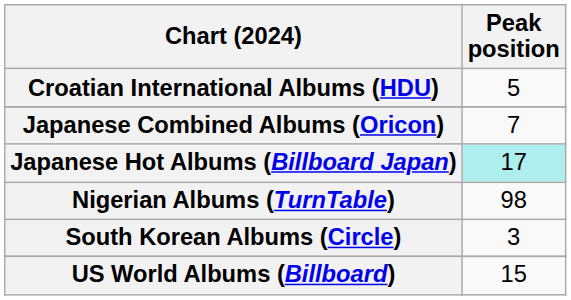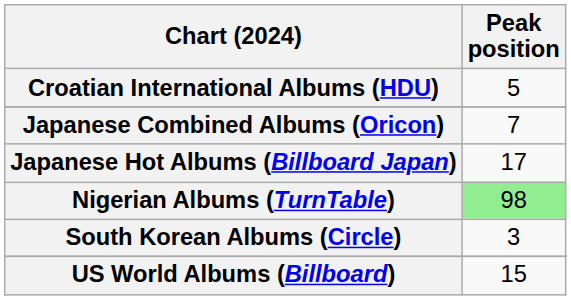 <table class="wikitable sortable plainrowheaders" style="text-align:center">
 <tr>
 <th scope="col">Chart (2024)</th>
 <th scope="col">Peak<br>position</th>
 </tr>
 <tr>
 <th scope="row">Croatian International Albums (<a href='#'>HDU</a>)</th>
 <td>5</td>
 </tr>
 <tr>
 </tr>
 <tr>
 <th scope="row">Japanese Combined Albums (<a href='#'>Oricon</a>)</th>
 <td>7</td>
 </tr>
 <tr>
 <th scope="row">Japanese Hot Albums (<em><a href='#'>Billboard Japan</a></em>)</th>
-<td style="background: paleturquoise;">17</td>
+<td>17</td>
 </tr>
 <tr>
 <th scope="row">Nigerian Albums (<a href='#'><em>TurnTable</em></a>)</th>
-<td>98</td>
+<td style="background: lightgreen;">98</td>
 </tr>
 <tr>
 <th scope="row">South Korean Albums (<a href='#'>Circle</a>)</th>
 <td>3</td>
 </tr>
 <tr>
 </tr>
 <tr>
 <th scope="row">US World Albums (<em><a href='#'>Billboard</a></em>)</th>
 <td>15</td>
 </tr>
 </table>
